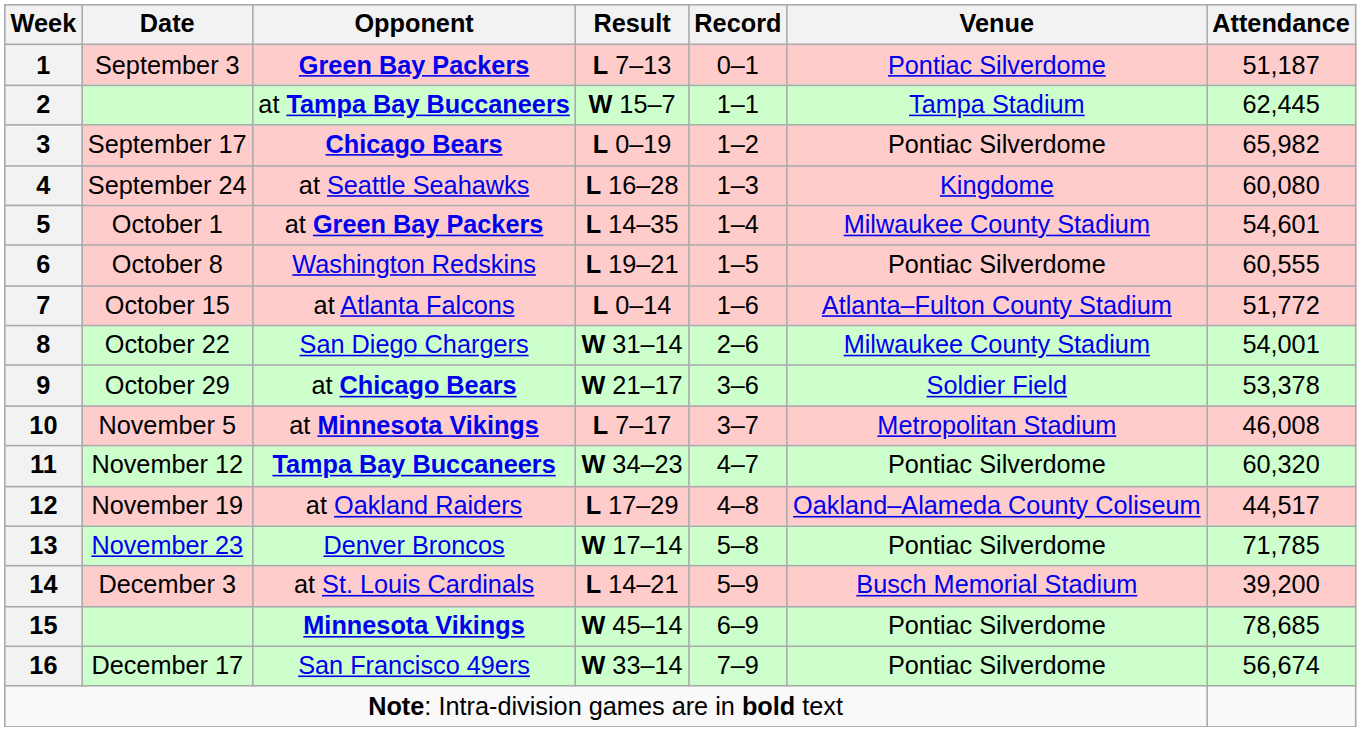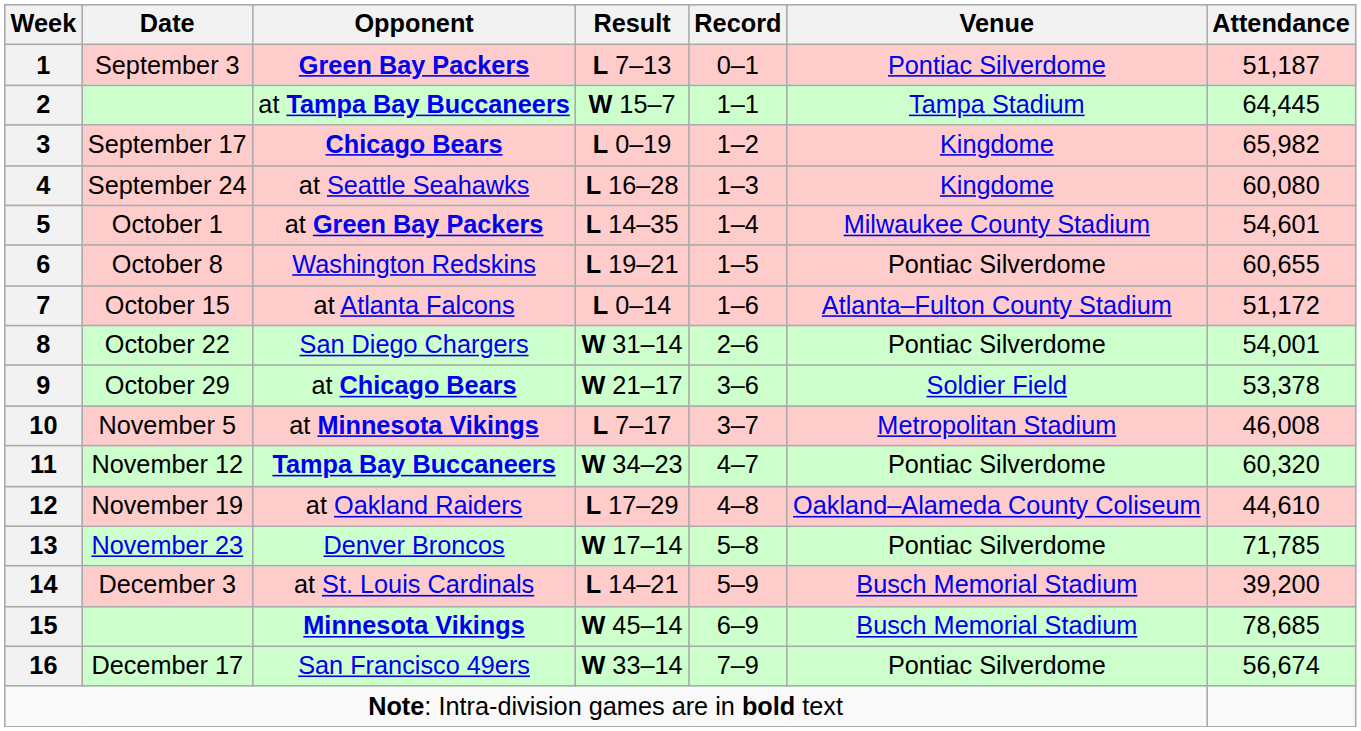 <table class="wikitable"  style="text-align: center;">
 <tr>
 <th>Week</th>
 <th>Date</th>
 <th>Opponent</th>
 <th>Result</th>
 <th>Record</th>
 <th>Venue</th>
 <th>Attendance</th>
 </tr>
 <tr style="background:#fcc">
 <th>1</th>
 <td>September 3</td>
 <td><strong><a href='#'>Green Bay Packers</a></strong></td>
 <td><strong>L</strong> 7–13</td>
 <td>0–1</td>
 <td><a href='#'>Pontiac Silverdome</a></td>
 <td>51,187</td>
 </tr>
 <tr style="background:#cfc">
 <th>2</th>
 <td></td>
 <td>at <strong><a href='#'>Tampa Bay Buccaneers</a></strong></td>
 <td><strong>W</strong> 15–7</td>
 <td>1–1</td>
 <td><a href='#'>Tampa Stadium</a></td>
-<td>62,445</td>
+<td>64,445</td>
 </tr>
 <tr style="background:#fcc">
 <th>3</th>
 <td>September 17</td>
 <td><strong><a href='#'>Chicago Bears</a></strong></td>
 <td><strong>L</strong> 0–19</td>
 <td>1–2</td>
-<td>Pontiac Silverdome</td>
+<td><a href='#'>Kingdome</a></td>
 <td>65,982</td>
 </tr>
 <tr style="background:#fcc">
 <th>4</th>
 <td>September 24</td>
 <td>at <a href='#'>Seattle Seahawks</a></td>
 <td><strong>L</strong> 16–28</td>
 <td>1–3</td>
 <td><a href='#'>Kingdome</a></td>
 <td>60,080</td>
 </tr>
 <tr style="background:#fcc">
 <th>5</th>
 <td>October 1</td>
 <td>at <strong><a href='#'>Green Bay Packers</a></strong></td>
 <td><strong>L</strong> 14–35</td>
 <td>1–4</td>
 <td><a href='#'>Milwaukee County Stadium</a></td>
 <td>54,601</td>
 </tr>
 <tr style="background:#fcc">
 <th>6</th>
 <td>October 8</td>
 <td><a href='#'>Washington Redskins</a></td>
 <td><strong>L</strong> 19–21</td>
 <td>1–5</td>
 <td>Pontiac Silverdome</td>
-<td>60,555</td>
+<td>60,655</td>
 </tr>
 <tr style="background:#fcc">
 <th>7</th>
 <td>October 15</td>
 <td>at <a href='#'>Atlanta Falcons</a></td>
 <td><strong>L</strong> 0–14</td>
 <td>1–6</td>
 <td><a href='#'>Atlanta–Fulton County Stadium</a></td>
-<td>51,772</td>
+<td>51,172</td>
 </tr>
 <tr style="background:#cfc">
 <th>8</th>
 <td>October 22</td>
 <td><a href='#'>San Diego Chargers</a></td>
 <td><strong>W</strong> 31–14</td>
 <td>2–6</td>
-<td><a href='#'>Milwaukee County Stadium</a></td>
+<td>Pontiac Silverdome</td>
 <td>54,001</td>
 </tr>
 <tr style="background:#cfc">
 <th>9</th>
 <td>October 29</td>
 <td>at <strong><a href='#'>Chicago Bears</a></strong></td>
 <td><strong>W</strong> 21–17</td>
 <td>3–6</td>
 <td><a href='#'>Soldier Field</a></td>
 <td>53,378</td>
 </tr>
 <tr style="background:#fcc">
 <th>10</th>
 <td>November 5</td>
 <td>at <strong><a href='#'>Minnesota Vikings</a></strong></td>
 <td><strong>L</strong> 7–17</td>
 <td>3–7</td>
 <td><a href='#'>Metropolitan Stadium</a></td>
 <td>46,008</td>
 </tr>
 <tr style="background:#cfc">
 <th>11</th>
 <td>November 12</td>
 <td><strong><a href='#'>Tampa Bay Buccaneers</a></strong></td>
 <td><strong>W</strong> 34–23</td>
 <td>4–7</td>
 <td>Pontiac Silverdome</td>
 <td>60,320</td>
 </tr>
 <tr style="background:#fcc">
 <th>12</th>
 <td>November 19</td>
 <td>at <a href='#'>Oakland Raiders</a></td>
 <td><strong>L</strong> 17–29</td>
 <td>4–8</td>
 <td><a href='#'>Oakland–Alameda County Coliseum</a></td>
-<td>44,517</td>
+<td>44,610</td>
 </tr>
 <tr style="background:#cfc">
 <th>13</th>
 <td><a href='#'>November 23</a></td>
 <td><a href='#'>Denver Broncos</a></td>
 <td><strong>W</strong> 17–14</td>
 <td>5–8</td>
 <td>Pontiac Silverdome</td>
 <td>71,785</td>
 </tr>
 <tr style="background:#fcc">
 <th>14</th>
 <td>December 3</td>
 <td>at <a href='#'>St. Louis Cardinals</a></td>
 <td><strong>L</strong> 14–21</td>
 <td>5–9</td>
 <td><a href='#'>Busch Memorial Stadium</a></td>
 <td>39,200</td>
 </tr>
 <tr style="background:#cfc">
 <th>15</th>
 <td></td>
 <td><strong><a href='#'>Minnesota Vikings</a></strong></td>
 <td><strong>W</strong> 45–14</td>
 <td>6–9</td>
-<td>Pontiac Silverdome</td>
+<td><a href='#'>Busch Memorial Stadium</a></td>
 <td>78,685</td>
 </tr>
 <tr style="background:#cfc">
 <th>16</th>
 <td>December 17</td>
 <td><a href='#'>San Francisco 49ers</a></td>
 <td><strong>W</strong> 33–14</td>
 <td>7–9</td>
 <td>Pontiac Silverdome</td>
 <td>56,674</td>
 </tr>
 <tr>
 <td colspan="6"><strong>Note</strong>: Intra-division games are in <strong>bold</strong> text</td>
 </tr>
 </table>
